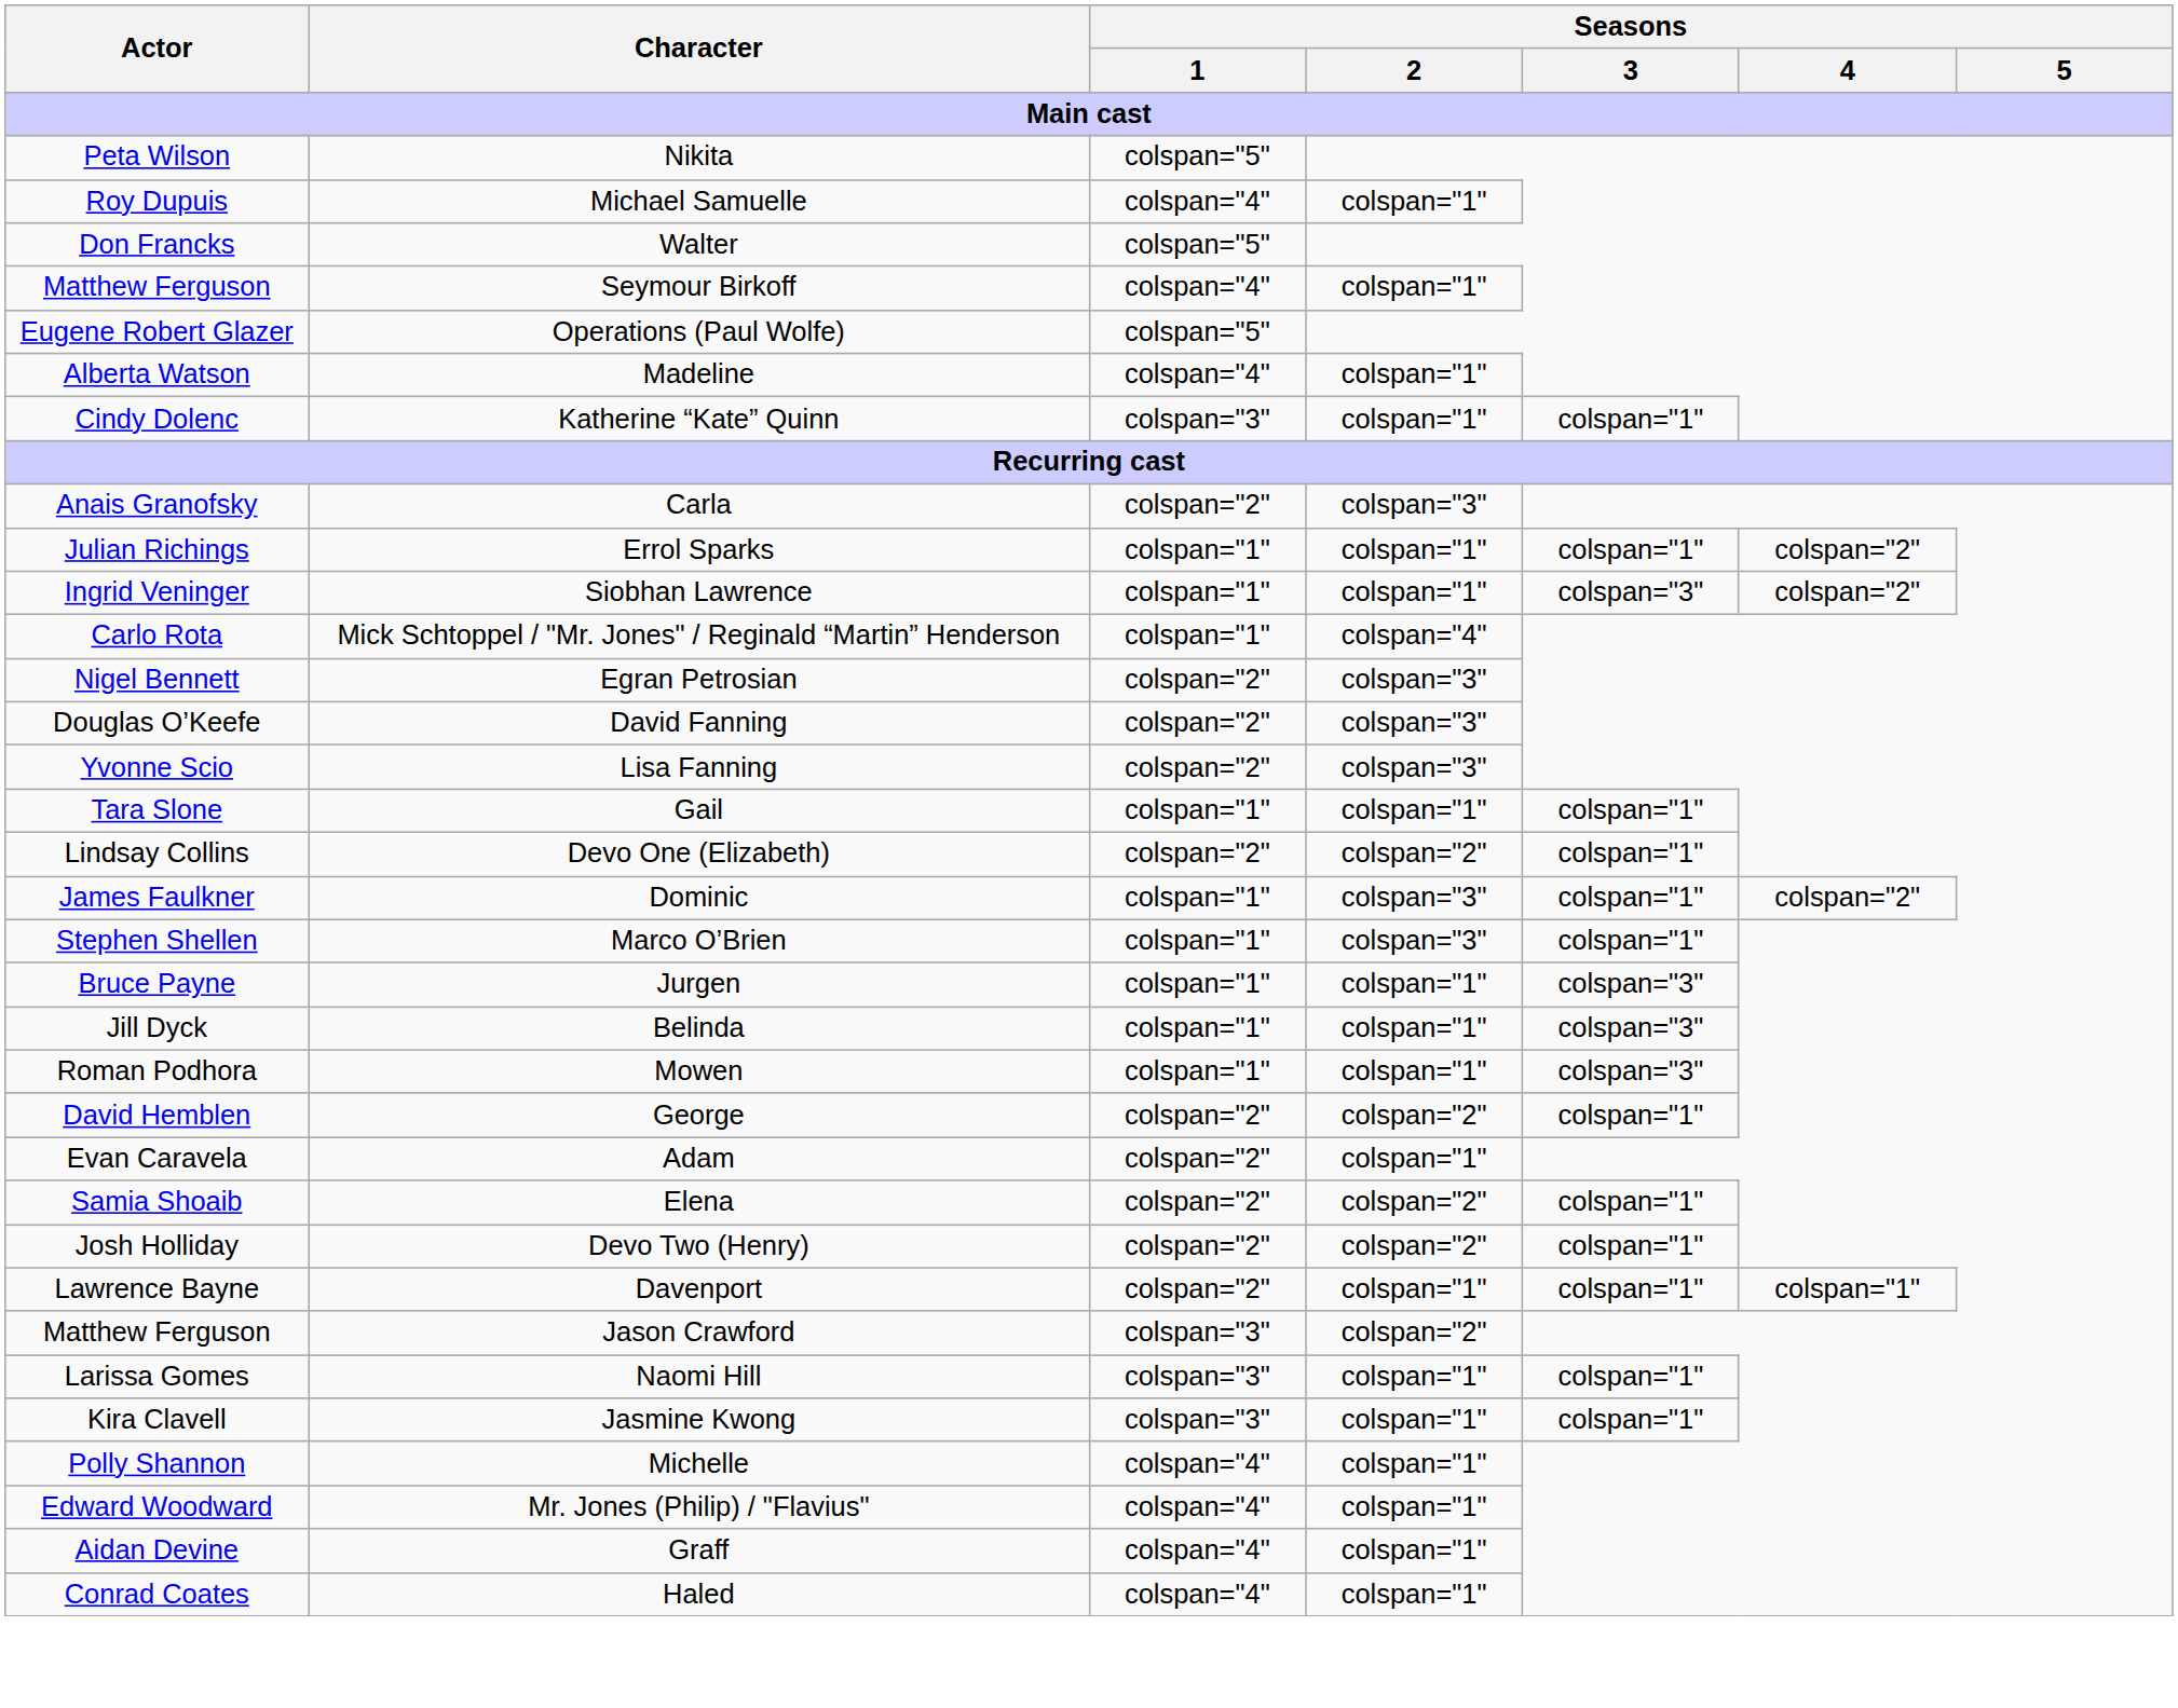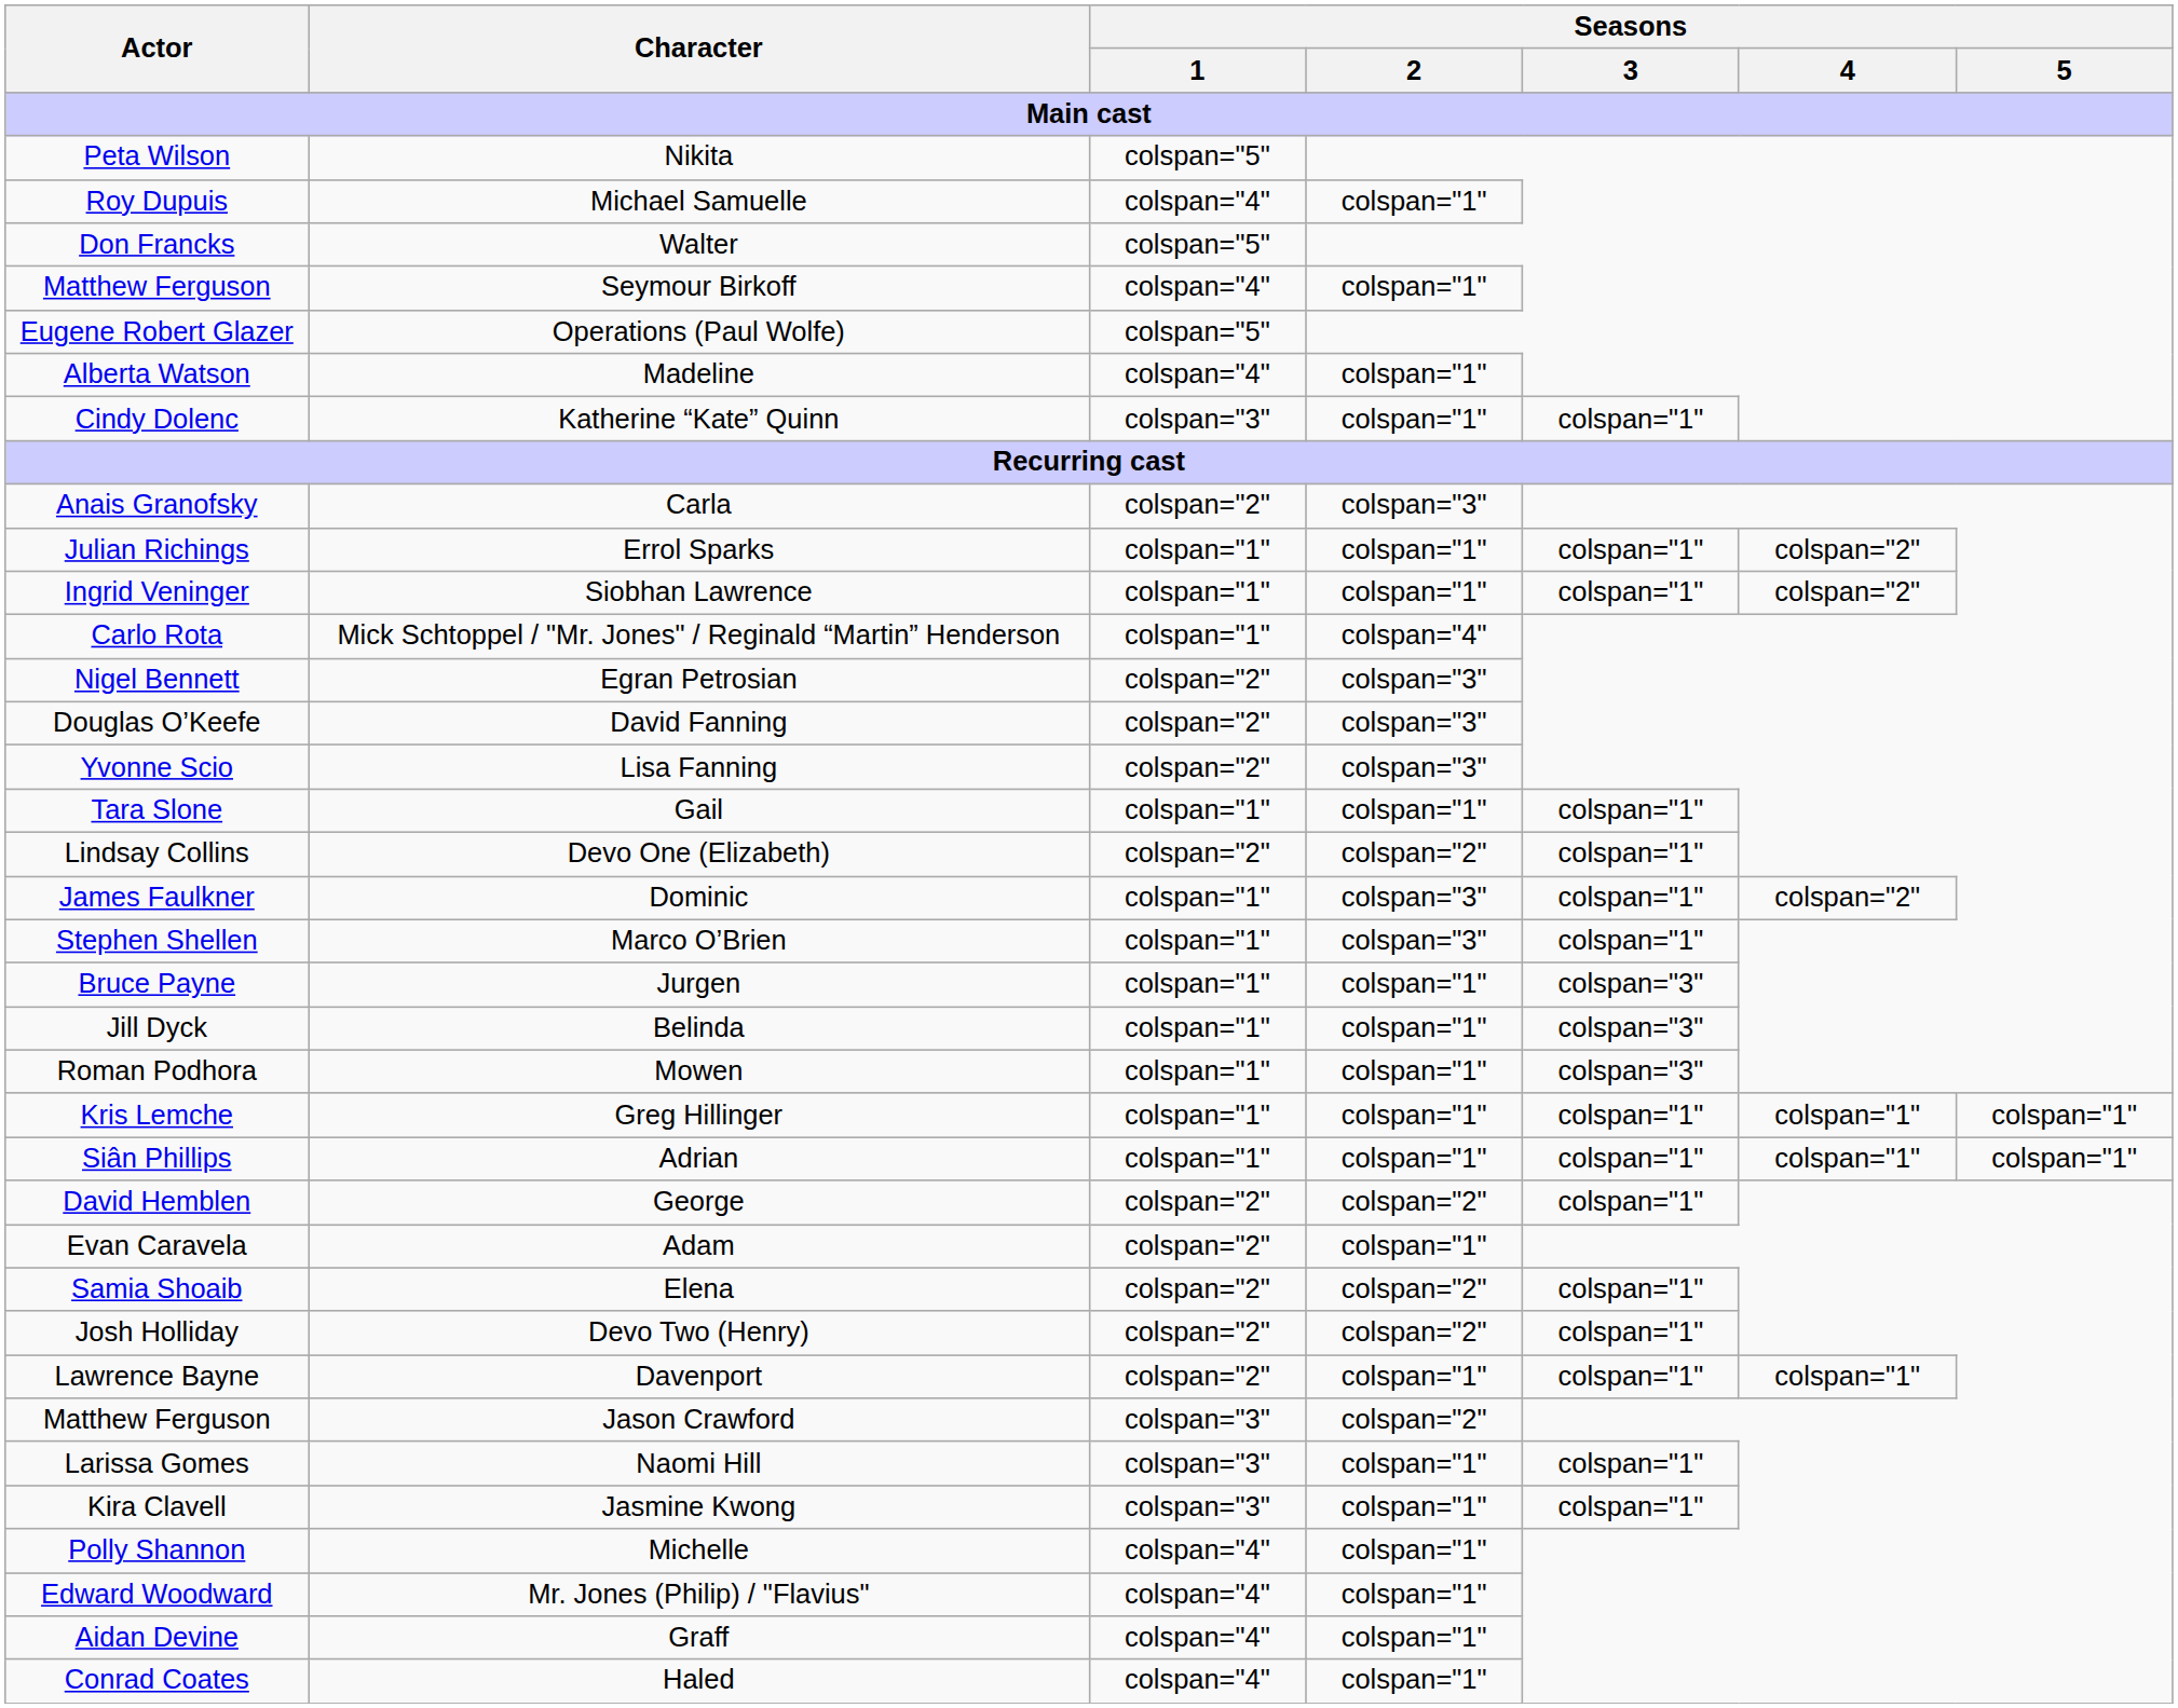 <table class="wikitable" plainrowheaders" style="text-align:center; width:100%">
 <tr>
 <th rowspan="2">Actor</th>
 <th rowspan="2">Character</th>
 <th colspan="5">Seasons</th>
 </tr>
 <tr>
 <th style="width:10%;">1</th>
 <th style="width:10%;">2</th>
 <th style="width:10%;">3</th>
 <th style="width:10%;">4</th>
 <th style="width:10%;">5</th>
 </tr>
 <tr>
 <td scope="row" colspan="7" style="background-color:#ccccff;"><strong>Main cast</strong></td>
 </tr>
 <tr>
 <td><a href='#'>Peta Wilson</a></td>
 <td>Nikita</td>
 <td>colspan="5" </td>
 </tr>
 <tr>
 <td><a href='#'>Roy Dupuis</a></td>
 <td>Michael Samuelle</td>
 <td>colspan="4" </td>
 <td>colspan="1" </td>
 </tr>
 <tr>
 <td><a href='#'>Don Francks</a></td>
 <td>Walter</td>
 <td>colspan="5" </td>
 </tr>
 <tr>
 <td><a href='#'>Matthew Ferguson</a></td>
 <td>Seymour Birkoff</td>
 <td>colspan="4" </td>
 <td>colspan="1" </td>
 </tr>
 <tr>
 <td><a href='#'>Eugene Robert Glazer</a></td>
 <td>Operations (Paul Wolfe)</td>
 <td>colspan="5" </td>
 </tr>
 <tr>
 <td><a href='#'>Alberta Watson</a></td>
 <td>Madeline</td>
 <td>colspan="4" </td>
 <td>colspan="1" </td>
 </tr>
 <tr>
 <td><a href='#'>Cindy Dolenc</a></td>
 <td>Katherine “Kate” Quinn</td>
 <td>colspan="3" </td>
 <td>colspan="1" </td>
 <td>colspan="1" </td>
 </tr>
 <tr>
 <td scope="row" colspan="7" style="background-color:#ccccff;"><strong>Recurring cast</strong></td>
 </tr>
 <tr>
 <td><a href='#'>Anais Granofsky</a></td>
 <td>Carla</td>
 <td>colspan="2" </td>
 <td>colspan="3" </td>
 </tr>
 <tr>
 <td><a href='#'>Julian Richings</a></td>
 <td>Errol Sparks</td>
 <td>colspan="1" </td>
 <td>colspan="1" </td>
 <td>colspan="1" </td>
 <td>colspan="2" </td>
 </tr>
 <tr>
 <td><a href='#'>Ingrid Veninger</a></td>
 <td>Siobhan Lawrence</td>
 <td>colspan="1" </td>
 <td>colspan="1" </td>
-<td>colspan="3" </td>
+<td>colspan="1" </td>
 <td>colspan="2" </td>
 </tr>
 <tr>
 <td><a href='#'>Carlo Rota</a></td>
 <td>Mick Schtoppel / "Mr. Jones" / Reginald “Martin” Henderson</td>
 <td>colspan="1" </td>
 <td>colspan="4" </td>
 </tr>
 <tr>
 <td><a href='#'>Nigel Bennett</a></td>
 <td>Egran Petrosian</td>
 <td>colspan="2" </td>
 <td>colspan="3" </td>
 </tr>
 <tr>
 <td>Douglas O’Keefe</td>
 <td>David Fanning</td>
 <td>colspan="2" </td>
 <td>colspan="3" </td>
 </tr>
 <tr>
 <td><a href='#'>Yvonne Scio</a></td>
 <td>Lisa Fanning</td>
 <td>colspan="2" </td>
 <td>colspan="3" </td>
 </tr>
 <tr>
 <td><a href='#'>Tara Slone</a></td>
 <td>Gail</td>
 <td>colspan="1" </td>
 <td>colspan="1" </td>
 <td>colspan="1" </td>
 </tr>
 <tr>
 <td>Lindsay Collins</td>
 <td>Devo One (Elizabeth)</td>
 <td>colspan="2" </td>
 <td>colspan="2" </td>
 <td>colspan="1" </td>
 </tr>
 <tr>
 <td><a href='#'>James Faulkner</a></td>
 <td>Dominic</td>
 <td>colspan="1" </td>
 <td>colspan="3" </td>
 <td>colspan="1" </td>
 <td>colspan="2" </td>
 </tr>
 <tr>
 <td><a href='#'>Stephen Shellen</a></td>
 <td>Marco O’Brien</td>
 <td>colspan="1" </td>
 <td>colspan="3" </td>
 <td>colspan="1" </td>
 </tr>
 <tr>
 <td><a href='#'>Bruce Payne</a></td>
 <td>Jurgen</td>
 <td>colspan="1" </td>
 <td>colspan="1" </td>
 <td>colspan="3" </td>
 </tr>
 <tr>
 <td>Jill Dyck</td>
 <td>Belinda</td>
 <td>colspan="1" </td>
 <td>colspan="1" </td>
 <td>colspan="3" </td>
 </tr>
 <tr>
 <td>Roman Podhora</td>
 <td>Mowen</td>
 <td>colspan="1" </td>
 <td>colspan="1" </td>
 <td>colspan="3" </td>
+</tr>
+<tr>
+<td><a href='#'>Kris Lemche</a></td>
+<td>Greg Hillinger</td>
+<td>colspan="1" </td>
+<td>colspan="1" </td>
+<td>colspan="1" </td>
+<td>colspan="1" </td>
+<td>colspan="1" </td>
+</tr>
+<tr>
+<td><a href='#'>Siân Phillips</a></td>
+<td>Adrian</td>
+<td>colspan="1" </td>
+<td>colspan="1" </td>
+<td>colspan="1" </td>
+<td>colspan="1" </td>
+<td>colspan="1" </td>
 </tr>
 <tr>
 <td><a href='#'>David Hemblen</a></td>
 <td>George</td>
 <td>colspan="2" </td>
 <td>colspan="2" </td>
 <td>colspan="1" </td>
 </tr>
 <tr>
 <td>Evan Caravela</td>
 <td>Adam</td>
 <td>colspan="2" </td>
 <td>colspan="1" </td>
 </tr>
 <tr>
 <td><a href='#'>Samia Shoaib</a></td>
 <td>Elena</td>
 <td>colspan="2" </td>
 <td>colspan="2" </td>
 <td>colspan="1" </td>
 </tr>
 <tr>
 <td>Josh Holliday</td>
 <td>Devo Two (Henry)</td>
 <td>colspan="2" </td>
 <td>colspan="2" </td>
 <td>colspan="1" </td>
 </tr>
 <tr>
 <td>Lawrence Bayne</td>
 <td>Davenport</td>
 <td>colspan="2" </td>
 <td>colspan="1" </td>
 <td>colspan="1" </td>
 <td>colspan="1" </td>
 </tr>
 <tr>
 <td>Matthew Ferguson</td>
 <td>Jason Crawford</td>
 <td>colspan="3" </td>
 <td>colspan="2" </td>
 </tr>
 <tr>
 <td>Larissa Gomes</td>
 <td>Naomi Hill</td>
 <td>colspan="3" </td>
 <td>colspan="1" </td>
 <td>colspan="1" </td>
 </tr>
 <tr>
 <td>Kira Clavell</td>
 <td>Jasmine Kwong</td>
 <td>colspan="3" </td>
 <td>colspan="1" </td>
 <td>colspan="1" </td>
 </tr>
 <tr>
 <td><a href='#'>Polly Shannon</a></td>
 <td>Michelle</td>
 <td>colspan="4" </td>
 <td>colspan="1" </td>
 </tr>
 <tr>
 <td><a href='#'>Edward Woodward</a></td>
 <td>Mr. Jones (Philip) / "Flavius"</td>
 <td>colspan="4" </td>
 <td>colspan="1" </td>
 </tr>
 <tr>
 <td><a href='#'>Aidan Devine</a></td>
 <td>Graff</td>
 <td>colspan="4" </td>
 <td>colspan="1" </td>
 </tr>
 <tr>
 <td><a href='#'>Conrad Coates</a></td>
 <td>Haled</td>
 <td>colspan="4" </td>
 <td>colspan="1" </td>
 </tr>
 </table>
